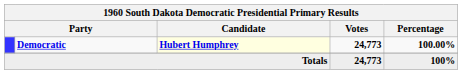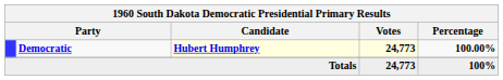 <table class="wikitable" style="font-size: 95%;">
 <tr>
 <th colspan="7">1960 South Dakota Democratic Presidential Primary Results</th>
 </tr>
 <tr>
 <th colspan="2" style="width: 15em">Party</th>
 <th style="width: 17em">Candidate</th>
 <th style="width: 5em">Votes</th>
 <th style="width: 7em">Percentage</th>
 </tr>
 <tr>
 <th style="background-color:#3333FF; width: 3px"></th>
 <td style="width: 130px"><strong><a href='#'>Democratic</a></strong></td>
 <td style="background: lightyellow;"><strong><a href='#'>Hubert Humphrey</a></strong></td>
-<td align="right"><strong>24,773</strong></td>
+<td align="right" style="background: lightyellow;"><strong>24,773</strong></td>
 <td align="right"><strong>100.00%</strong></td>
 </tr>
 <tr>
 </tr>
 <tr bgcolor="#EEEEEE">
 <td colspan="3" align="right"><strong>Totals</strong></td>
 <td align="right"><strong>24,773</strong></td>
 <td align="right"><strong>100%</strong></td>
 </tr>
 </table>
